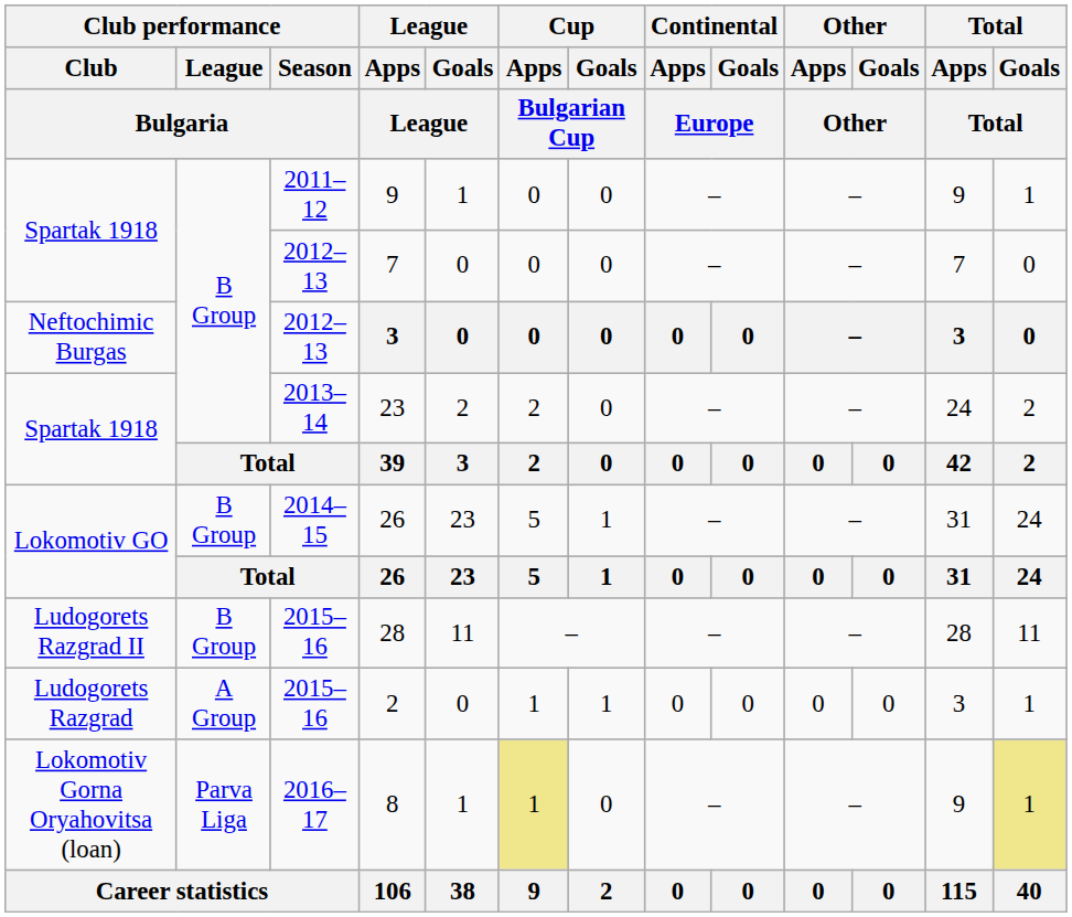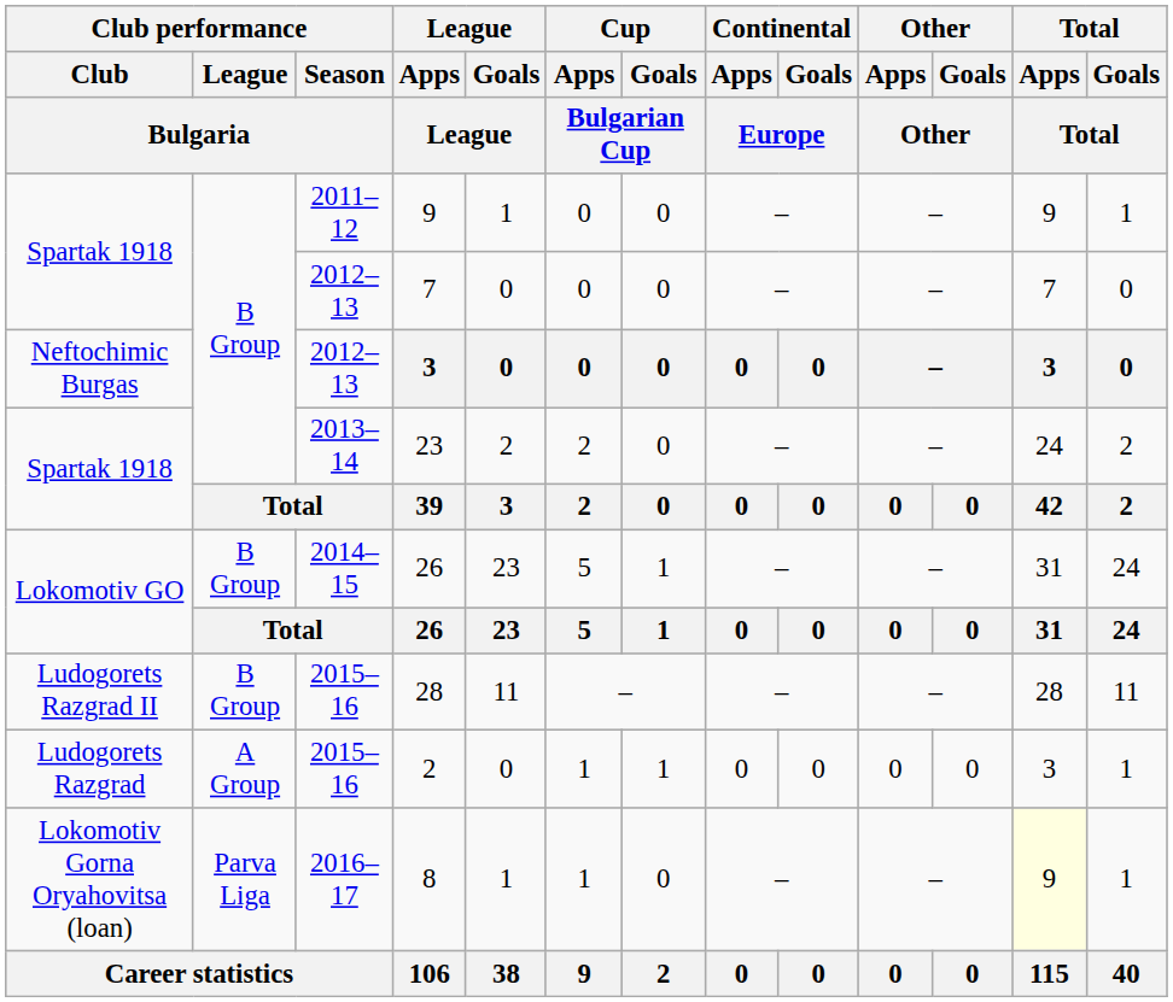 <table class="wikitable" style="font-size:90%; text-align: center">
 <tr>
 <th Colspan="3">Club performance</th>
 <th Colspan="2">League</th>
 <th Colspan="2">Cup</th>
 <th Colspan="2">Continental</th>
 <th Colspan="2">Other</th>
 <th Colspan="3">Total</th>
 </tr>
 <tr>
 <th>Club</th>
 <th>League</th>
 <th>Season</th>
 <th>Apps</th>
 <th>Goals</th>
 <th>Apps</th>
 <th>Goals</th>
 <th>Apps</th>
 <th>Goals</th>
 <th>Apps</th>
 <th>Goals</th>
 <th>Apps</th>
 <th>Goals</th>
 </tr>
 <tr>
 <th Colspan="3">Bulgaria</th>
 <th Colspan="2">League</th>
 <th Colspan="2"><a href='#'>Bulgarian Cup</a></th>
 <th Colspan="2"><a href='#'>Europe</a></th>
 <th Colspan="2">Other</th>
 <th Colspan="2">Total</th>
 </tr>
 <tr>
 <td rowspan="2" valign="center"><a href='#'>Spartak 1918</a></td>
 <td rowspan="4"><a href='#'>B Group</a></td>
 <td><a href='#'>2011–12</a></td>
 <td>9</td>
 <td>1</td>
 <td>0</td>
 <td>0</td>
 <td colspan="2">–</td>
 <td colspan="2">–</td>
 <td>9</td>
 <td>1</td>
 </tr>
 <tr>
 <td><a href='#'>2012–13</a></td>
 <td>7</td>
 <td>0</td>
 <td>0</td>
 <td>0</td>
 <td colspan="2">–</td>
 <td colspan="2">–</td>
 <td>7</td>
 <td>0</td>
 </tr>
 <tr>
 <td rowspan="1" valign="center"><a href='#'>Neftochimic Burgas</a></td>
 <td><a href='#'>2012–13</a></td>
 <th>3</th>
 <th>0</th>
 <th>0</th>
 <th>0</th>
 <th>0</th>
 <th>0</th>
 <th colspan="2">–</th>
 <th>3</th>
 <th>0</th>
 </tr>
 <tr>
 <td rowspan="2" valign="center"><a href='#'>Spartak 1918</a></td>
 <td><a href='#'>2013–14</a></td>
 <td>23</td>
 <td>2</td>
 <td>2</td>
 <td>0</td>
 <td colspan="2">–</td>
 <td colspan="2">–</td>
 <td>24</td>
 <td>2</td>
 </tr>
 <tr>
 <th colspan=2>Total</th>
 <th>39</th>
 <th>3</th>
 <th>2</th>
 <th>0</th>
 <th>0</th>
 <th>0</th>
 <th>0</th>
 <th>0</th>
 <th>42</th>
 <th>2</th>
 </tr>
 <tr>
 <td rowspan="2" valign="center"><a href='#'>Lokomotiv GO</a></td>
 <td rowspan="1"><a href='#'>B Group</a></td>
 <td><a href='#'>2014–15</a></td>
 <td>26</td>
 <td>23</td>
 <td>5</td>
 <td>1</td>
 <td colspan="2">–</td>
 <td colspan="2">–</td>
 <td>31</td>
 <td>24</td>
 </tr>
 <tr>
 <th colspan=2>Total</th>
 <th>26</th>
 <th>23</th>
 <th>5</th>
 <th>1</th>
 <th>0</th>
 <th>0</th>
 <th>0</th>
 <th>0</th>
 <th>31</th>
 <th>24</th>
 </tr>
 <tr>
 <td rowspan="1" valign="center"><a href='#'>Ludogorets Razgrad II</a></td>
 <td rowspan="1"><a href='#'>B Group</a></td>
 <td><a href='#'>2015–16</a></td>
 <td>28</td>
 <td>11</td>
 <td colspan="2">–</td>
 <td colspan="2">–</td>
 <td colspan="2">–</td>
 <td>28</td>
 <td>11</td>
 </tr>
 <tr>
 <td rowspan="1" valign="center"><a href='#'>Ludogorets Razgrad</a></td>
 <td rowspan="1"><a href='#'>A Group</a></td>
 <td><a href='#'>2015–16</a></td>
 <td>2</td>
 <td>0</td>
 <td>1</td>
 <td>1</td>
 <td>0</td>
 <td>0</td>
 <td>0</td>
 <td>0</td>
 <td>3</td>
 <td>1</td>
 </tr>
 <tr>
 <td rowspan=1><a href='#'>Lokomotiv Gorna Oryahovitsa</a> (loan)</td>
 <td rowspan=1><a href='#'>Parva Liga</a></td>
 <td><a href='#'>2016–17</a></td>
 <td>8</td>
 <td>1</td>
-<td style="background: khaki;">1</td>
+<td>1</td>
 <td>0</td>
 <td colspan="2">–</td>
 <td colspan="2">–</td>
-<td>9</td>
-<td style="background: khaki;">1</td>
+<td style="background: lightyellow;">9</td>
+<td>1</td>
 </tr>
 <tr>
 <th colspan="3">Career statistics</th>
 <th>106</th>
 <th>38</th>
 <th>9</th>
 <th>2</th>
 <th>0</th>
 <th>0</th>
 <th>0</th>
 <th>0</th>
 <th>115</th>
 <th>40</th>
 </tr>
 </table>
